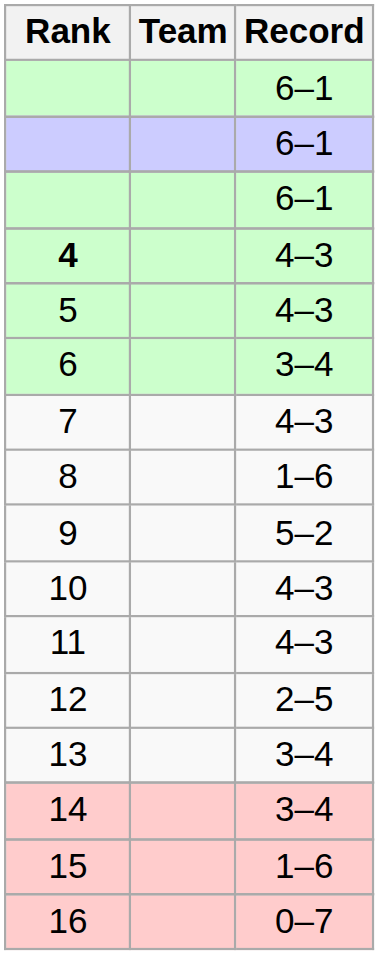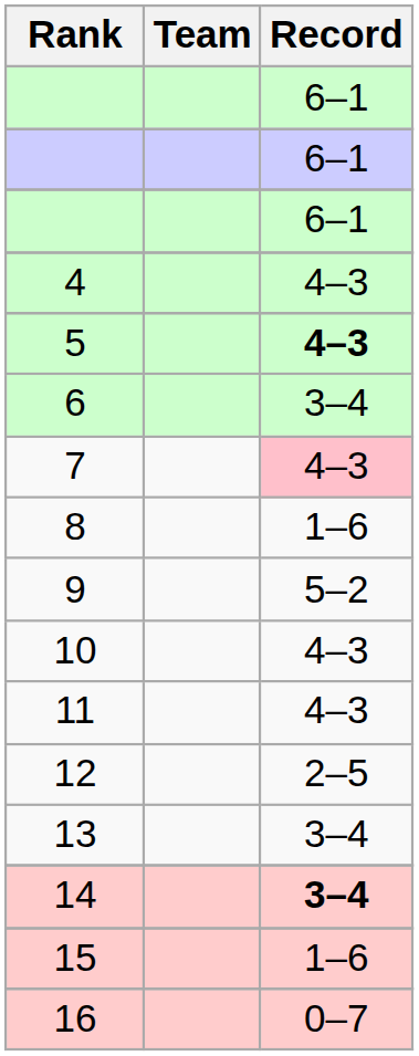 <table class="wikitable" style="text-align: center">
 <tr>
 <th width=50>Rank</th>
 <th>Team</th>
 <th width=50>Record</th>
 </tr>
 <tr bgcolor=#ccffcc>
 <td></td>
 <td align=left></td>
 <td>6–1</td>
 </tr>
 <tr>
 </tr>
 <tr bgcolor=#ccccff>
 <td></td>
 <td align=left></td>
 <td>6–1</td>
 </tr>
 <tr>
 </tr>
 <tr bgcolor=#ccffcc>
 <td></td>
 <td align=left></td>
 <td>6–1</td>
 </tr>
 <tr>
 </tr>
 <tr bgcolor=#ccffcc>
-<td><strong>4</strong></td>
+<td>4</td>
 <td align=left></td>
 <td>4–3</td>
 </tr>
 <tr>
 </tr>
 <tr bgcolor=#ccffcc>
 <td>5</td>
 <td align=left></td>
-<td>4–3</td>
+<td><strong>4–3</strong></td>
 </tr>
 <tr bgcolor=#ccffcc>
 <td>6</td>
 <td align=left></td>
 <td>3–4</td>
 </tr>
 <tr>
 <td>7</td>
 <td align=left></td>
-<td>4–3</td>
+<td style="background: pink;">4–3</td>
 </tr>
 <tr>
 <td>8</td>
 <td align=left></td>
 <td>1–6</td>
 </tr>
 <tr>
 <td>9</td>
 <td align=left></td>
 <td>5–2</td>
 </tr>
 <tr>
 <td>10</td>
 <td align=left></td>
 <td>4–3</td>
 </tr>
 <tr>
 <td>11</td>
 <td align=left></td>
 <td>4–3</td>
 </tr>
 <tr>
 <td>12</td>
 <td align=left></td>
 <td>2–5</td>
 </tr>
 <tr>
 <td>13</td>
 <td align=left></td>
 <td>3–4</td>
 </tr>
 <tr>
 </tr>
 <tr bgcolor=#ffcccc>
 <td>14</td>
 <td align=left></td>
-<td>3–4</td>
+<td><strong>3–4</strong></td>
 </tr>
 <tr>
 </tr>
 <tr bgcolor=#ffcccc>
 <td>15</td>
 <td align=left></td>
 <td>1–6</td>
 </tr>
 <tr>
 </tr>
 <tr bgcolor=#ffcccc>
 <td>16</td>
 <td align=left></td>
 <td>0–7</td>
 </tr>
 </table>
